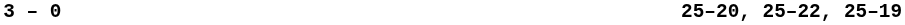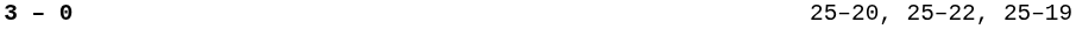 <table width=100% cellspacing=1>
 <tr>
 <th width=20%></th>
 <th width=12%></th>
 <th width=20%></th>
 <th width=33%></th>
 <td></td>
 </tr>
 <tr style=font-size:95%>
 <td align=right><strong></strong></td>
 <td align=center><strong>3 – 0</strong></td>
 <td></td>
-<td><strong>25–20, 25–22, 25–19</strong></td>
+<td>25–20, 25–22, 25–19</td>
 </tr>
 </table>
